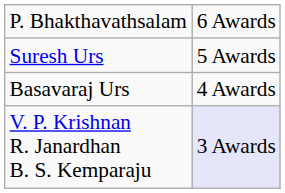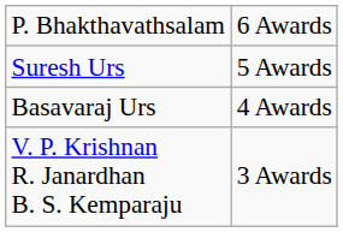 <table class="wikitable sortable">
 <tr>
 <td>P. Bhakthavathsalam</td>
 <td>6 Awards</td>
 </tr>
 <tr>
 <td><a href='#'>Suresh Urs</a></td>
 <td>5 Awards</td>
 </tr>
 <tr>
 <td>Basavaraj Urs</td>
 <td>4 Awards</td>
 </tr>
 <tr>
 <td><a href='#'>V. P. Krishnan</a><br>R. Janardhan<br>B. S. Kemparaju</td>
-<td style="background: lavender;">3 Awards</td>
+<td>3 Awards</td>
 </tr>
 </table>
